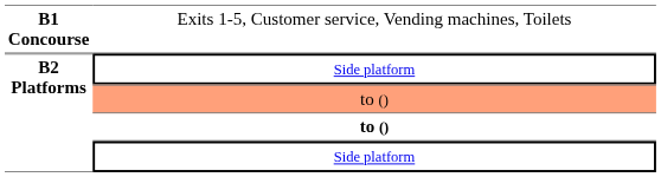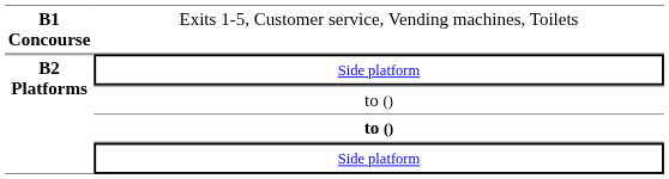 <table table border=0 cellspacing=0 cellpadding=3>
 <tr>
 <td style="border-bottom:solid 1px gray; border-top:solid 1px gray;text-align:center" valign=top><strong>B1<br>Concourse</strong></td>
 <td style="border-bottom:solid 1px gray; border-top:solid 1px gray;text-align:center;" valign=top width=500>Exits 1-5, Customer service, Vending machines, Toilets</td>
 </tr>
 <tr>
 <td style="border-bottom:solid 1px gray; border-top:solid 1px gray;text-align:center" rowspan="4" valign=top><strong>B2<br>Platforms</strong></td>
 <td style="border-right:solid 2px black;border-left:solid 2px black;border-top:solid 2px black;border-bottom:solid 2px black;text-align:center;" colspan=2><small><a href='#'>Side platform</a></small></td>
 </tr>
 <tr>
-<td style="background: lightsalmon; border-bottom:solid 1px gray; border-top:solid 1px gray;text-align:center;">  to  <small>()</small></td>
+<td style="border-bottom:solid 1px gray; border-top:solid 1px gray;text-align:center;">  to  <small>()</small></td>
 </tr>
 <tr>
 <td style="border-bottom:solid 1px gray;text-align:center;"><strong> to  <small>() </small></strong></td>
 </tr>
 <tr>
 <td style="border-right:solid 2px black;border-left:solid 2px black;border-top:solid 2px black;border-bottom:solid 2px black;text-align:center;" colspan=2><small><a href='#'>Side platform</a></small></td>
 </tr>
 </table>
